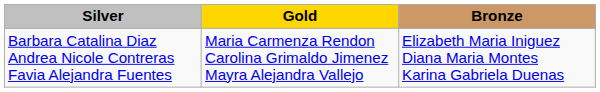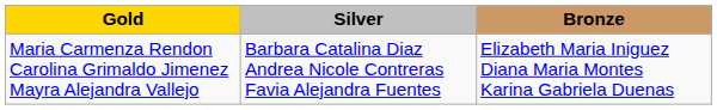 <table class="wikitable" style="text-align:left">
 <tr align="center">
+<td width=200 bgcolor=gold><strong>Gold</strong></td>
 <td width=200 bgcolor=silver><strong>Silver</strong></td>
-<td width=200 bgcolor=gold><strong>Gold</strong></td>
 <td width=200 bgcolor=CC9966><strong>Bronze</strong></td>
 </tr>
 <tr>
+<td><a href='#'>Maria Carmenza Rendon</a><br><a href='#'>Carolina Grimaldo Jimenez</a><br><a href='#'>Mayra Alejandra Vallejo</a><br><em></em></td>
 <td><a href='#'>Barbara Catalina Diaz</a><br><a href='#'>Andrea Nicole Contreras</a><br><a href='#'>Favia Alejandra Fuentes</a><br><em></em></td>
-<td><a href='#'>Maria Carmenza Rendon</a><br><a href='#'>Carolina Grimaldo Jimenez</a><br><a href='#'>Mayra Alejandra Vallejo</a><br><em></em></td>
 <td><a href='#'>Elizabeth Maria Iniguez</a><br><a href='#'>Diana Maria Montes</a><br><a href='#'>Karina Gabriela Duenas</a><br><em></em></td>
 </tr>
 </table>
